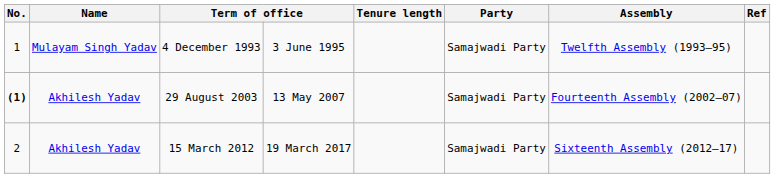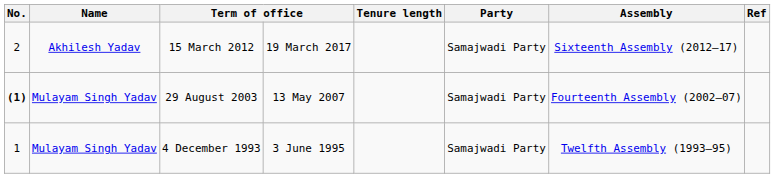 <table class="wikitable sortable" style="text-align: center;">
 <tr>
 <th Style="background-color:">No.</th>
 <th Style="background-color:">Name<br></th>
 <th colspan=2 Style="background-color:">Term of office</th>
 <th Style="background-color:">Tenure length</th>
 <th Style="background-color:">Party</th>
 <th Style="background-color:">Assembly<br></th>
 <th Style="background-color:">Ref</th>
 </tr>
 <tr style="text-align:center; height:60px;">
+<td>2</td>
+<td><a href='#'>Akhilesh Yadav</a><br></td>
+<td>15 March 2012</td>
+<td>19 March 2017</td>
+<td></td>
+<td>Samajwadi Party</td>
+<td><a href='#'>Sixteenth Assembly</a> (2012–17)<br></td>
+<td></td>
+</tr>
+<tr style="text-align:center; height:60px;">
+<td><strong>(1)</strong></td>
+<td><a href='#'>Mulayam Singh Yadav</a> <br></td>
+<td>29 August 2003</td>
+<td>13 May 2007</td>
+<td></td>
+<td>Samajwadi Party</td>
+<td><a href='#'>Fourteenth Assembly</a> (2002–07)<br></td>
+<td></td>
+</tr>
+<tr style="text-align:center; height:60px;">
 <td>1</td>
 <td><a href='#'>Mulayam Singh Yadav</a> <br></td>
 <td>4 December 1993</td>
 <td>3 June 1995</td>
 <td></td>
 <td>Samajwadi Party</td>
 <td><a href='#'>Twelfth Assembly</a> (1993–95)<br></td>
 <td></td>
 </tr>
-<tr style="text-align:center; height:60px;">
-<td><strong>(1)</strong></td>
-<td><a href='#'>Akhilesh Yadav</a><br></td>
-<td>29 August 2003</td>
-<td>13 May 2007</td>
-<td></td>
-<td>Samajwadi Party</td>
-<td><a href='#'>Fourteenth Assembly</a> (2002–07)<br></td>
-<td></td>
-</tr>
-<tr style="text-align:center; height:60px;">
-<td>2</td>
-<td><a href='#'>Akhilesh Yadav</a><br></td>
-<td>15 March 2012</td>
-<td>19 March 2017</td>
-<td></td>
-<td>Samajwadi Party</td>
-<td><a href='#'>Sixteenth Assembly</a> (2012–17)<br></td>
-<td></td>
-</tr>
 </table>
